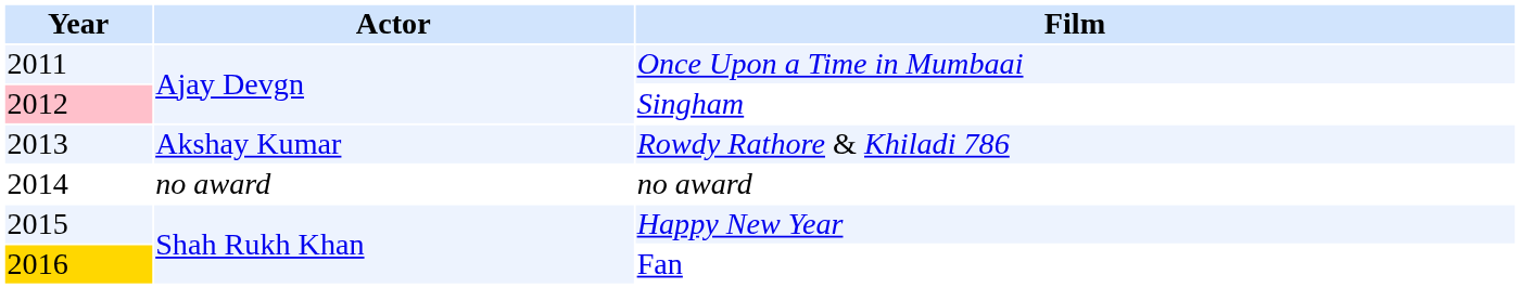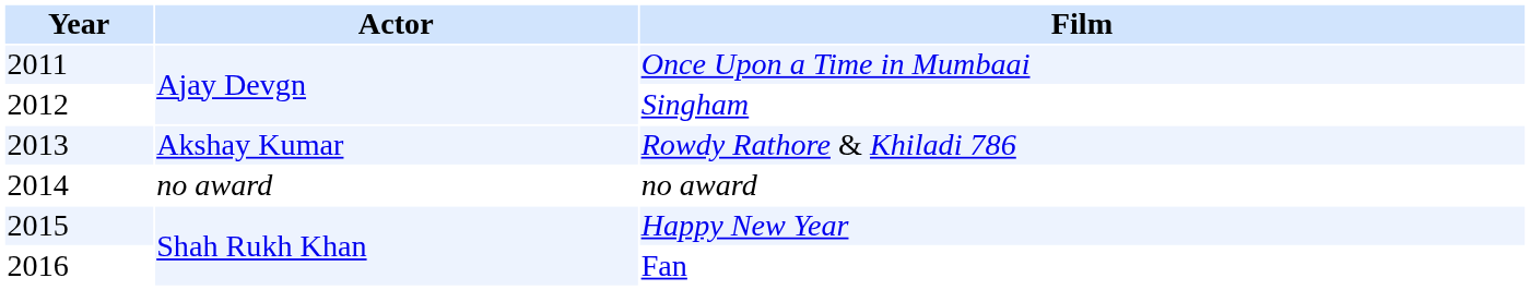 <table cellspacing="1" cellpadding="1" border="0" width="50%">
 <tr bgcolor="#d1e4fd">
 <th>Year</th>
 <th>Actor</th>
 <th>Film</th>
 </tr>
 <tr bgcolor=#edf3fe>
 <td>2011</td>
 <td rowspan="2"><a href='#'>Ajay Devgn</a></td>
 <td><em><a href='#'>Once Upon a Time in Mumbaai</a></em></td>
 </tr>
 <tr>
-<td style="background: pink;">2012</td>
+<td>2012</td>
 <td><em><a href='#'>Singham</a></em></td>
 </tr>
 <tr bgcolor=#edf3fe>
 <td>2013</td>
 <td><a href='#'>Akshay Kumar</a></td>
 <td><em><a href='#'>Rowdy Rathore</a></em> & <em><a href='#'>Khiladi 786</a></em></td>
 </tr>
 <tr>
 <td>2014</td>
 <td><em>no award</em></td>
 <td><em>no award</em></td>
 </tr>
 <tr bgcolor=#edf3fe>
 <td>2015</td>
 <td rowspan="2"><a href='#'>Shah Rukh Khan</a></td>
 <td><em><a href='#'>Happy New Year</a></em></td>
 </tr>
 <tr>
-<td style="background: gold;">2016</td>
+<td>2016</td>
 <td><a href='#'>Fan</a></td>
 </tr>
 </table>
